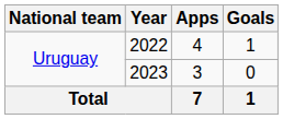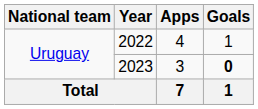 <table class="wikitable" style="text-align:center">
 <tr>
 <th>National team</th>
 <th>Year</th>
 <th>Apps</th>
 <th>Goals</th>
 </tr>
 <tr>
 <td rowspan="2"><a href='#'>Uruguay</a></td>
 <td>2022</td>
 <td>4</td>
 <td>1</td>
 </tr>
 <tr>
 <td>2023</td>
 <td>3</td>
-<td>0</td>
+<td><strong>0</strong></td>
 </tr>
 <tr>
 <th colspan="2">Total</th>
 <th>7</th>
 <th>1</th>
 </tr>
 </table>
